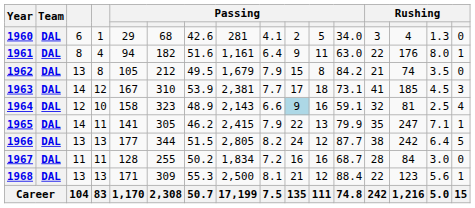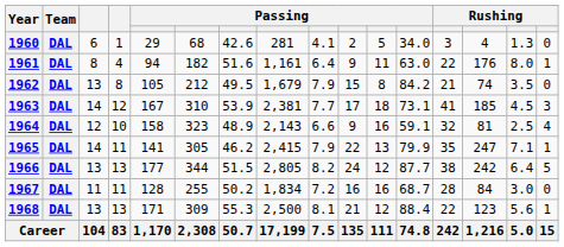 <table class="wikitable" style="text-align:center">
 <tr>
 <th rowspan=2>Year</th>
 <th rowspan=2>Team</th>
 <th rowspan=2></th>
 <th rowspan=2></th>
 <th colspan=8>Passing</th>
 <th colspan=6>Rushing</th>
 </tr>
 <tr>
 <th></th>
 <th></th>
 <th></th>
 <th></th>
 <th></th>
 <th></th>
 <th></th>
 <th></th>
 <th></th>
 <th></th>
 <th></th>
 <th></th>
 </tr>
 <tr>
 <th><a href='#'>1960</a></th>
 <th><a href='#'>DAL</a></th>
 <td>6</td>
 <td>1</td>
 <td>29</td>
 <td>68</td>
 <td>42.6</td>
 <td>281</td>
 <td>4.1</td>
 <td>2</td>
 <td>5</td>
 <td>34.0</td>
 <td>3</td>
 <td>4</td>
 <td>1.3</td>
 <td>0</td>
 </tr>
 <tr>
 <th><a href='#'>1961</a></th>
 <th><a href='#'>DAL</a></th>
 <td>8</td>
 <td>4</td>
 <td>94</td>
 <td>182</td>
 <td>51.6</td>
 <td>1,161</td>
 <td>6.4</td>
 <td>9</td>
 <td>11</td>
 <td>63.0</td>
 <td>22</td>
 <td>176</td>
 <td>8.0</td>
 <td>1</td>
 </tr>
 <tr>
 <th><a href='#'>1962</a></th>
 <th><a href='#'>DAL</a></th>
 <td>13</td>
 <td>8</td>
 <td>105</td>
 <td>212</td>
 <td>49.5</td>
 <td>1,679</td>
 <td>7.9</td>
 <td>15</td>
 <td>8</td>
 <td>84.2</td>
 <td>21</td>
 <td>74</td>
 <td>3.5</td>
 <td>0</td>
 </tr>
 <tr>
 <th><a href='#'>1963</a></th>
 <th><a href='#'>DAL</a></th>
 <td>14</td>
 <td>12</td>
 <td>167</td>
 <td>310</td>
 <td>53.9</td>
 <td>2,381</td>
 <td>7.7</td>
 <td>17</td>
 <td>18</td>
 <td>73.1</td>
 <td>41</td>
 <td>185</td>
 <td>4.5</td>
 <td>3</td>
 </tr>
 <tr>
 <th><a href='#'>1964</a></th>
 <th><a href='#'>DAL</a></th>
 <td>12</td>
 <td>10</td>
 <td>158</td>
 <td>323</td>
 <td>48.9</td>
 <td>2,143</td>
 <td>6.6</td>
-<td style="background: lightblue;">9</td>
+<td>9</td>
 <td>16</td>
 <td>59.1</td>
 <td>32</td>
 <td>81</td>
 <td>2.5</td>
 <td>4</td>
 </tr>
 <tr>
 <th><a href='#'>1965</a></th>
 <th><a href='#'>DAL</a></th>
 <td>14</td>
 <td>11</td>
 <td>141</td>
 <td>305</td>
 <td>46.2</td>
 <td>2,415</td>
 <td>7.9</td>
 <td>22</td>
 <td>13</td>
 <td>79.9</td>
 <td>35</td>
 <td>247</td>
 <td>7.1</td>
 <td>1</td>
 </tr>
 <tr>
 <th><a href='#'>1966</a></th>
 <th><a href='#'>DAL</a></th>
 <td>13</td>
 <td>13</td>
 <td>177</td>
 <td>344</td>
 <td>51.5</td>
 <td>2,805</td>
 <td>8.2</td>
 <td>24</td>
 <td>12</td>
 <td>87.7</td>
 <td>38</td>
 <td>242</td>
 <td>6.4</td>
 <td>5</td>
 </tr>
 <tr>
 <th><a href='#'>1967</a></th>
 <th><a href='#'>DAL</a></th>
 <td>11</td>
 <td>11</td>
 <td>128</td>
 <td>255</td>
 <td>50.2</td>
 <td>1,834</td>
 <td>7.2</td>
 <td>16</td>
 <td>16</td>
 <td>68.7</td>
 <td>28</td>
 <td>84</td>
 <td>3.0</td>
 <td>0</td>
 </tr>
 <tr>
 <th><a href='#'>1968</a></th>
 <th><a href='#'>DAL</a></th>
 <td>13</td>
 <td>13</td>
 <td>171</td>
 <td>309</td>
 <td>55.3</td>
 <td>2,500</td>
 <td>8.1</td>
 <td>21</td>
 <td>12</td>
 <td>88.4</td>
 <td>22</td>
 <td>123</td>
 <td>5.6</td>
 <td>1</td>
 </tr>
 <tr>
 <th colspan="2">Career</th>
 <th>104</th>
 <th>83</th>
 <th>1,170</th>
 <th>2,308</th>
 <th>50.7</th>
 <th>17,199</th>
 <th>7.5</th>
 <th>135</th>
 <th>111</th>
 <th>74.8</th>
 <th>242</th>
 <th>1,216</th>
 <th>5.0</th>
 <th>15</th>
 </tr>
 </table>
